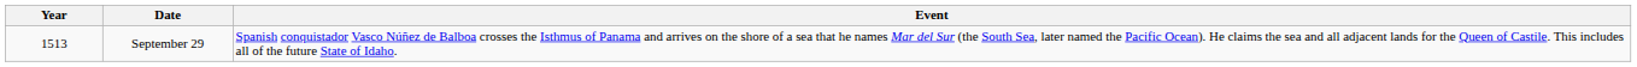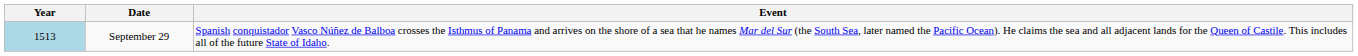 <table class="wikitable" style="width:100%;">
 <tr>
 <th style="width:6%">Year</th>
 <th style="width:8%">Date</th>
 <th style="width:86%">Event</th>
 </tr>
 <tr>
-<td align=center>1513</td>
+<td align=center style="background: lightblue;">1513</td>
 <td align=center>September 29</td>
 <td><a href='#'>Spanish</a> <a href='#'>conquistador</a> <a href='#'>Vasco Núñez de Balboa</a> crosses the <a href='#'>Isthmus of Panama</a> and arrives on the shore of a sea that he names <em><a href='#'>Mar del Sur</a></em> (the <a href='#'>South Sea</a>, later named the <a href='#'>Pacific Ocean</a>).  He claims the sea and all adjacent lands for the <a href='#'>Queen of Castile</a>.  This includes all of the future <a href='#'>State of Idaho</a>.</td>
 </tr>
 </table>
